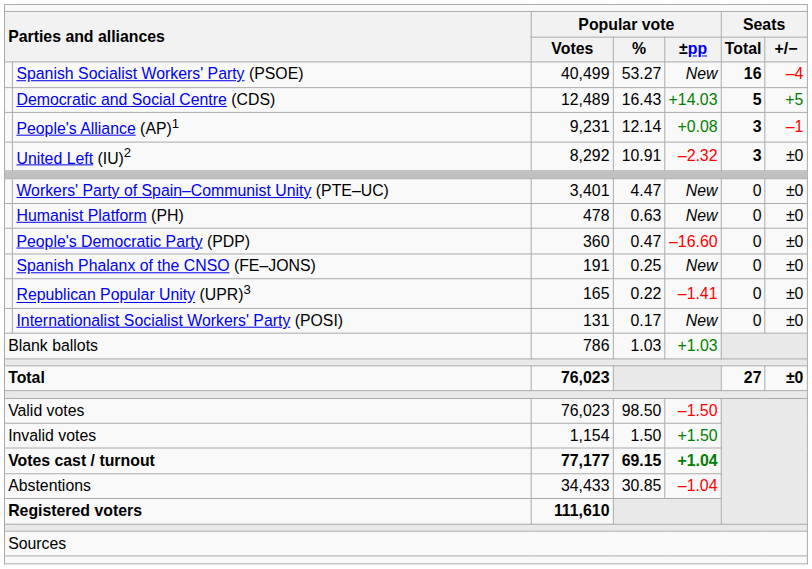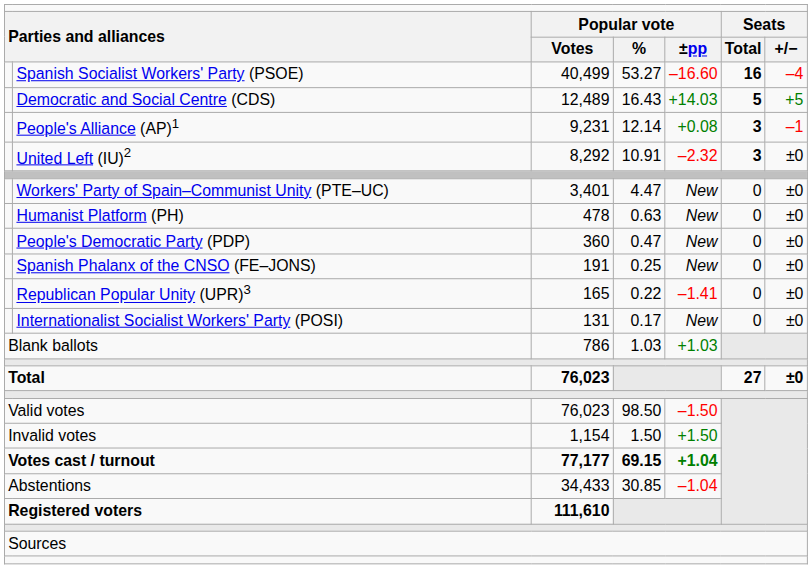 <table class="wikitable" style="text-align:right;">
 <tr>
 <td colspan="7"></td>
 </tr>
 <tr>
 <th style="text-align:left;" rowspan="2" colspan="2" width="525">Parties and alliances</th>
 <th colspan="3">Popular vote</th>
 <th colspan="2">Seats</th>
 </tr>
 <tr>
 <th width="75">Votes</th>
 <th width="45">%</th>
 <th width="45">±<a href='#'>pp</a></th>
 <th width="35">Total</th>
 <th width="35">+/−</th>
 </tr>
 <tr>
 <td width="1" style="color:inherit;background:"></td>
 <td align="left"><a href='#'>Spanish Socialist Workers' Party</a> (PSOE)</td>
 <td>40,499</td>
 <td>53.27</td>
-<td><em>New</em></td>
+<td style="color:red;">–16.60</td>
 <td><strong>16</strong></td>
 <td style="color:red;">–4</td>
 </tr>
 <tr>
 <td style="color:inherit;background:"></td>
 <td align="left"><a href='#'>Democratic and Social Centre</a> (CDS)</td>
 <td>12,489</td>
 <td>16.43</td>
 <td style="color:green;">+14.03</td>
 <td><strong>5</strong></td>
 <td style="color:green;">+5</td>
 </tr>
 <tr>
 <td style="color:inherit;background:"></td>
 <td align="left"><a href='#'>People's Alliance</a> (AP)<sup>1</sup></td>
 <td>9,231</td>
 <td>12.14</td>
 <td style="color:green;">+0.08</td>
 <td><strong>3</strong></td>
 <td style="color:red;">–1</td>
 </tr>
 <tr>
 <td style="color:inherit;background:"></td>
 <td align="left"><a href='#'>United Left</a> (IU)<sup>2</sup></td>
 <td>8,292</td>
 <td>10.91</td>
 <td style="color:red;">–2.32</td>
 <td><strong>3</strong></td>
 <td>±0</td>
 </tr>
 <tr>
 <td colspan="7" bgcolor="#C0C0C0"></td>
 </tr>
 <tr>
 <td style="color:inherit;background:"></td>
 <td align="left"><a href='#'>Workers' Party of Spain–Communist Unity</a> (PTE–UC)</td>
 <td>3,401</td>
 <td>4.47</td>
 <td><em>New</em></td>
 <td>0</td>
 <td>±0</td>
 </tr>
 <tr>
 <td style="color:inherit;background:"></td>
 <td align="left"><a href='#'>Humanist Platform</a> (PH)</td>
 <td>478</td>
 <td>0.63</td>
 <td><em>New</em></td>
 <td>0</td>
 <td>±0</td>
 </tr>
 <tr>
 <td style="color:inherit;background:"></td>
 <td align="left"><a href='#'>People's Democratic Party</a> (PDP)</td>
 <td>360</td>
 <td>0.47</td>
-<td style="color:red;">–16.60</td>
+<td><em>New</em></td>
 <td>0</td>
 <td>±0</td>
 </tr>
 <tr>
 <td style="color:inherit;background:"></td>
 <td align="left"><a href='#'>Spanish Phalanx of the CNSO</a> (FE–JONS)</td>
 <td>191</td>
 <td>0.25</td>
 <td><em>New</em></td>
 <td>0</td>
 <td>±0</td>
 </tr>
 <tr>
 <td style="color:inherit;background:"></td>
 <td align="left"><a href='#'>Republican Popular Unity</a> (UPR)<sup>3</sup></td>
 <td>165</td>
 <td>0.22</td>
 <td style="color:red;">–1.41</td>
 <td>0</td>
 <td>±0</td>
 </tr>
 <tr>
 <td style="color:inherit;background:"></td>
 <td align="left"><a href='#'>Internationalist Socialist Workers' Party</a> (POSI)</td>
 <td>131</td>
 <td>0.17</td>
 <td><em>New</em></td>
 <td>0</td>
 <td>±0</td>
 </tr>
 <tr>
 <td align="left" colspan="2">Blank ballots</td>
 <td>786</td>
 <td>1.03</td>
 <td style="color:green;">+1.03</td>
 <td bgcolor="#E9E9E9" colspan="2"></td>
 </tr>
 <tr>
 <td colspan="7" bgcolor="#E9E9E9"></td>
 </tr>
 <tr style="font-weight:bold;">
 <td align="left" colspan="2">Total</td>
 <td>76,023</td>
 <td bgcolor="#E9E9E9" colspan="2"></td>
 <td>27</td>
 <td>±0</td>
 </tr>
 <tr>
 <td colspan="7" bgcolor="#E9E9E9"></td>
 </tr>
 <tr>
 <td align="left" colspan="2">Valid votes</td>
 <td>76,023</td>
 <td>98.50</td>
 <td style="color:red;">–1.50</td>
 <td bgcolor="#E9E9E9" colspan="2" rowspan="5"></td>
 </tr>
 <tr>
 <td align="left" colspan="2">Invalid votes</td>
 <td>1,154</td>
 <td>1.50</td>
 <td style="color:green;">+1.50</td>
 </tr>
 <tr style="font-weight:bold;">
 <td align="left" colspan="2">Votes cast / turnout</td>
 <td>77,177</td>
 <td>69.15</td>
 <td style="color:green;">+1.04</td>
 </tr>
 <tr>
 <td align="left" colspan="2">Abstentions</td>
 <td>34,433</td>
 <td>30.85</td>
 <td style="color:red;">–1.04</td>
 </tr>
 <tr style="font-weight:bold;">
 <td align="left" colspan="2">Registered voters</td>
 <td>111,610</td>
 <td bgcolor="#E9E9E9" colspan="2"></td>
 </tr>
 <tr>
 <td colspan="7" bgcolor="#E9E9E9"></td>
 </tr>
 <tr>
 <td align="left" colspan="7">Sources</td>
 </tr>
 <tr>
 <td colspan="7" style="text-align:left; max-width:790px;"></td>
 </tr>
 </table>
